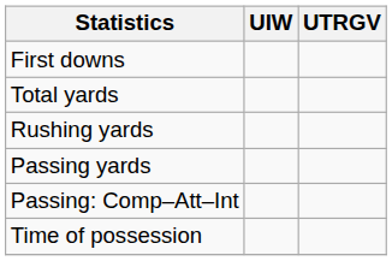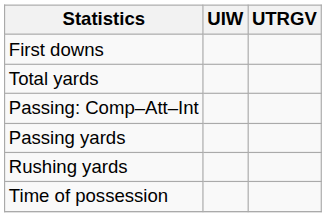 <table class="wikitable" style="float: left;">
 <tr>
 <th>Statistics</th>
 <th>UIW</th>
 <th>UTRGV</th>
 </tr>
 <tr>
 <td>First downs</td>
 <td></td>
 <td></td>
 </tr>
 <tr>
 <td>Total yards</td>
 <td></td>
 <td></td>
 </tr>
 <tr>
-<td>Rushing yards</td>
+<td>Passing: Comp–Att–Int</td>
 <td></td>
 <td></td>
 </tr>
 <tr>
 <td>Passing yards</td>
 <td></td>
 <td></td>
 </tr>
 <tr>
-<td>Passing: Comp–Att–Int</td>
+<td>Rushing yards</td>
 <td></td>
 <td></td>
 </tr>
 <tr>
 <td>Time of possession</td>
 <td></td>
 <td></td>
 </tr>
 <tr>
 </tr>
 </table>
